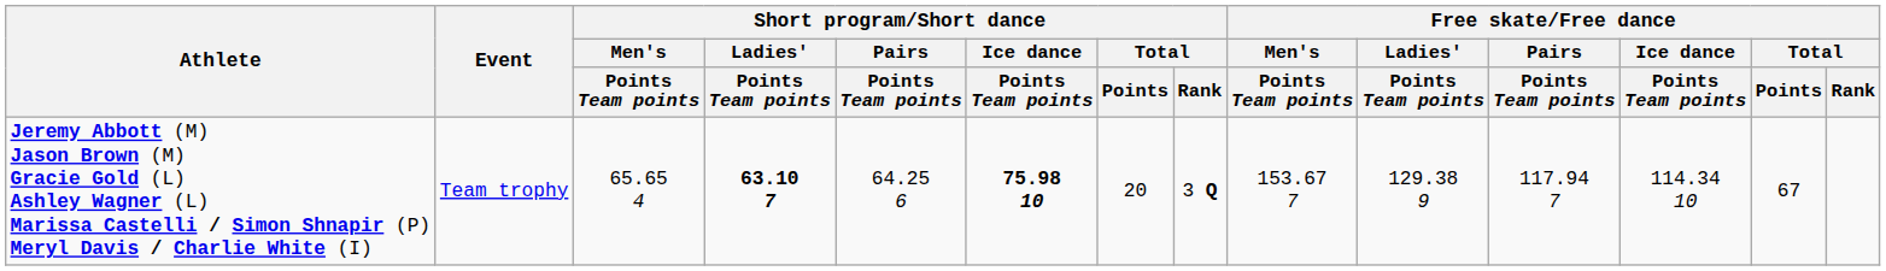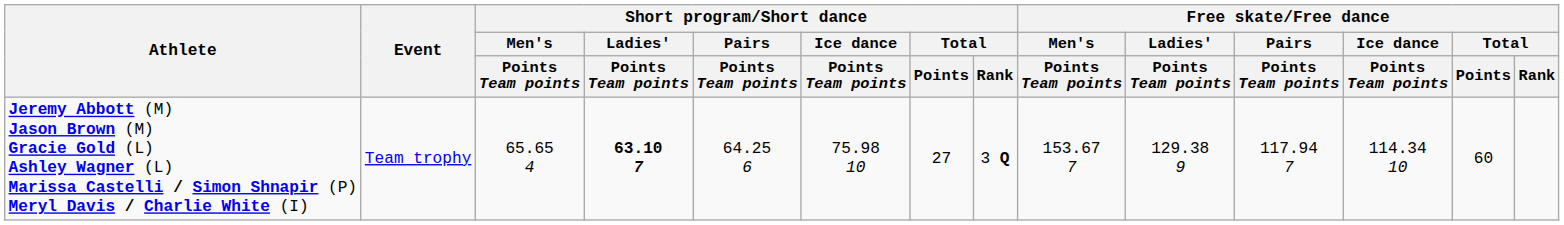 <table class=wikitable style=font-size:90%;text-align:center>
 <tr>
 <th rowspan=3>Athlete</th>
 <th rowspan=3>Event</th>
 <th colspan=6>Short program/Short dance</th>
 <th colspan=6>Free skate/Free dance</th>
 </tr>
 <tr style=font-size:95%>
 <th>Men's</th>
 <th>Ladies'</th>
 <th>Pairs</th>
 <th>Ice dance</th>
 <th colspan=2>Total</th>
 <th>Men's</th>
 <th>Ladies'</th>
 <th>Pairs</th>
 <th>Ice dance</th>
 <th colspan=2>Total</th>
 </tr>
 <tr style=font-size:95%>
 <th>Points<br><em>Team points</em></th>
 <th>Points<br><em>Team points</em></th>
 <th>Points<br><em>Team points</em></th>
 <th>Points<br><em>Team points</em></th>
 <th>Points</th>
 <th>Rank</th>
 <th>Points<br><em>Team points</em></th>
 <th>Points<br><em>Team points</em></th>
 <th>Points<br><em>Team points</em></th>
 <th>Points<br><em>Team points</em></th>
 <th>Points</th>
 <th>Rank</th>
 </tr>
 <tr>
 <td align=left><strong><a href='#'>Jeremy Abbott</a></strong> (M)<br><strong><a href='#'>Jason Brown</a></strong> (M)<br><strong><a href='#'>Gracie Gold</a></strong> (L)<br><strong><a href='#'>Ashley Wagner</a></strong> (L)<br><strong><a href='#'>Marissa Castelli</a> / <a href='#'>Simon Shnapir</a></strong> (P)<br><strong><a href='#'>Meryl Davis</a> / <a href='#'>Charlie White</a></strong> (I)</td>
 <td align=left><a href='#'>Team trophy</a></td>
 <td>65.65<br><em>4</em></td>
 <td><strong>63.10<br><em>7</em></strong></td>
 <td>64.25<br><em>6</em></td>
-<td><strong>75.98<br><em>10</em></strong></td>
-<td>20</td>
+<td>75.98<br><em>10</em></td>
+<td>27</td>
 <td>3 <strong>Q</strong></td>
 <td>153.67<br><em>7</em></td>
 <td>129.38<br><em>9</em></td>
 <td>117.94<br><em>7</em></td>
 <td>114.34<br><em>10</em></td>
-<td>67</td>
+<td>60</td>
 <td></td>
 </tr>
 </table>
